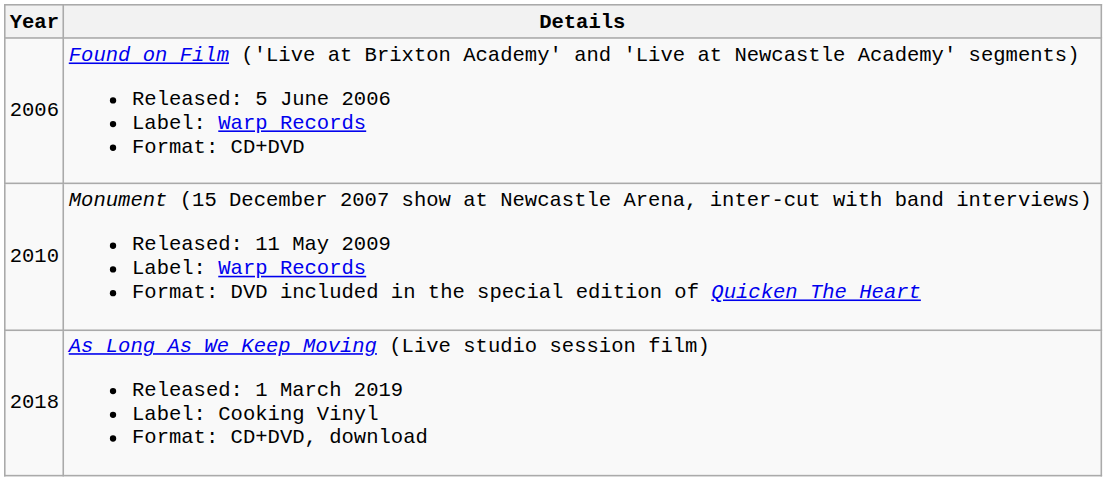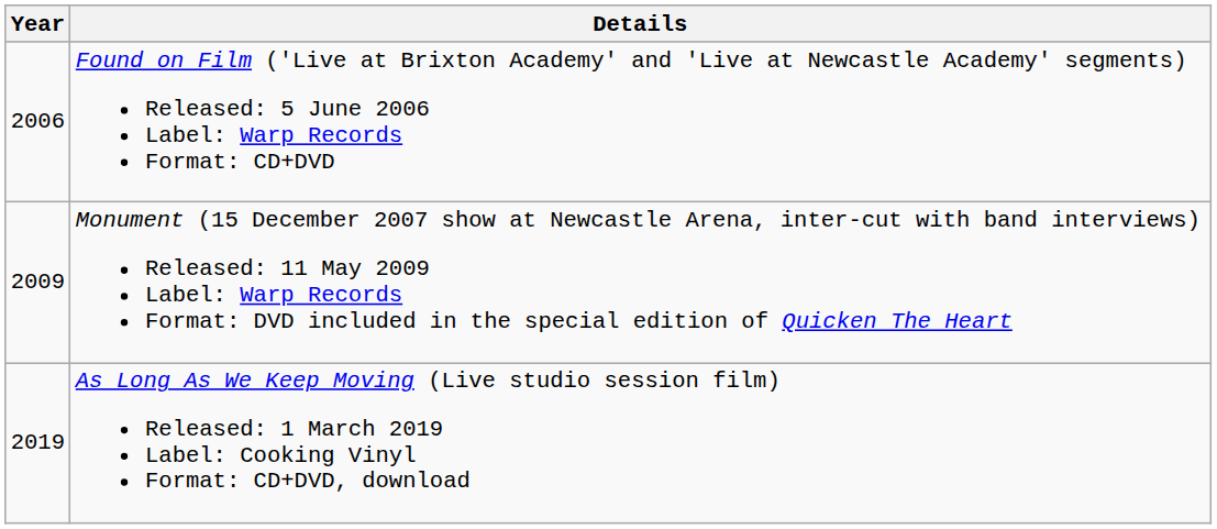 <table class="wikitable">
 <tr>
 <th>Year</th>
 <th width="650">Details</th>
 </tr>
 <tr>
 <td>2006</td>
 <td><em><a href='#'>Found on Film</a></em> ('Live at Brixton Academy' and 'Live at Newcastle Academy' segments)<br><ul><li>Released: 5 June 2006</li><li>Label: <a href='#'>Warp Records</a></li><li>Format: CD+DVD</li></ul></td>
 </tr>
 <tr>
-<td>2010</td>
+<td>2009</td>
 <td><em>Monument</em> (15 December 2007 show at Newcastle Arena, inter-cut with band interviews)<br><ul><li>Released: 11 May 2009</li><li>Label: <a href='#'>Warp Records</a></li><li>Format: DVD included in the special edition of <em><a href='#'>Quicken The Heart</a></em></li></ul></td>
 </tr>
 <tr>
-<td>2018</td>
+<td>2019</td>
 <td><em><a href='#'>As Long As We Keep Moving</a></em> (Live studio session film)<br><ul><li>Released: 1 March 2019</li><li>Label: Cooking Vinyl</li><li>Format: CD+DVD, download</li></ul></td>
 </tr>
 </table>
